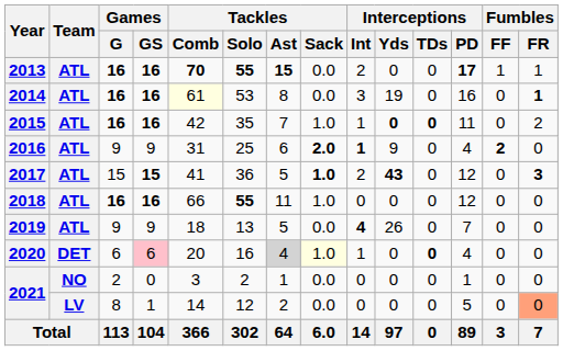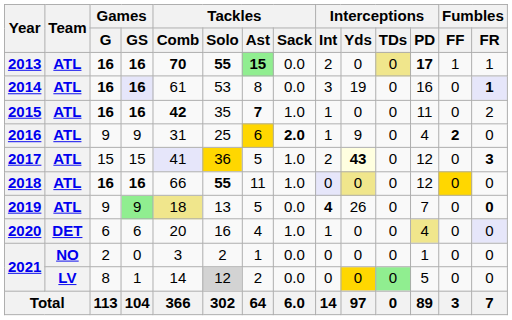 <table class="wikitable" style="text-align: center;">
 <tr>
 <th rowspan="2">Year</th>
 <th rowspan="2">Team</th>
 <th colspan="2">Games</th>
 <th colspan="4">Tackles</th>
 <th colspan="4">Interceptions</th>
 <th colspan="2">Fumbles</th>
 </tr>
 <tr>
 <th>G</th>
 <th>GS</th>
 <th>Comb</th>
 <th>Solo</th>
 <th>Ast</th>
 <th>Sack</th>
 <th>Int</th>
 <th>Yds</th>
 <th>TDs</th>
 <th>PD</th>
 <th>FF</th>
 <th>FR</th>
 </tr>
 <tr>
 <th><a href='#'>2013</a></th>
 <th><a href='#'>ATL</a></th>
 <td><strong>16</strong></td>
 <td><strong>16</strong></td>
 <td><strong>70</strong></td>
 <td><strong>55</strong></td>
-<td><strong>15</strong></td>
+<td style="background: lightgreen;"><strong>15</strong></td>
 <td>0.0</td>
 <td>2</td>
 <td>0</td>
-<td>0</td>
+<td style="background: khaki;">0</td>
 <td><strong>17</strong></td>
 <td>1</td>
 <td>1</td>
 </tr>
 <tr>
 <th><a href='#'>2014</a></th>
 <th><a href='#'>ATL</a></th>
 <td><strong>16</strong></td>
-<td><strong>16</strong></td>
-<td style="background: lightyellow;">61</td>
+<td style="background: lavender;"><strong>16</strong></td>
+<td>61</td>
 <td>53</td>
 <td>8</td>
 <td>0.0</td>
 <td>3</td>
 <td>19</td>
 <td>0</td>
 <td>16</td>
 <td>0</td>
-<td><strong>1</strong></td>
+<td style="background: lavender;"><strong>1</strong></td>
 </tr>
 <tr>
 <th><a href='#'>2015</a></th>
 <th><a href='#'>ATL</a></th>
 <td><strong>16</strong></td>
 <td><strong>16</strong></td>
-<td>42</td>
+<td><strong>42</strong></td>
 <td>35</td>
-<td>7</td>
+<td><strong>7</strong></td>
 <td>1.0</td>
 <td>1</td>
-<td><strong>0</strong></td>
-<td><strong>0</strong></td>
+<td>0</td>
+<td>0</td>
 <td>11</td>
 <td>0</td>
 <td>2</td>
 </tr>
 <tr>
 <th><a href='#'>2016</a></th>
 <th><a href='#'>ATL</a></th>
 <td>9</td>
 <td>9</td>
 <td>31</td>
 <td>25</td>
-<td>6</td>
+<td style="background: gold;">6</td>
 <td><strong>2.0</strong></td>
-<td><strong>1</strong></td>
+<td>1</td>
 <td>9</td>
 <td>0</td>
 <td>4</td>
 <td><strong>2</strong></td>
 <td>0</td>
 </tr>
 <tr>
 <th><a href='#'>2017</a></th>
 <th><a href='#'>ATL</a></th>
 <td>15</td>
-<td><strong>15</strong></td>
-<td>41</td>
-<td>36</td>
+<td>15</td>
+<td style="background: lavender;">41</td>
+<td style="background: gold;">36</td>
 <td>5</td>
-<td><strong>1.0</strong></td>
+<td>1.0</td>
 <td>2</td>
-<td><strong>43</strong></td>
+<td style="background: lightyellow;"><strong>43</strong></td>
 <td>0</td>
 <td>12</td>
 <td>0</td>
 <td><strong>3</strong></td>
 </tr>
 <tr>
 <th><a href='#'>2018</a></th>
 <th><a href='#'>ATL</a></th>
 <td><strong>16</strong></td>
 <td><strong>16</strong></td>
 <td>66</td>
 <td><strong>55</strong></td>
 <td>11</td>
 <td>1.0</td>
-<td>0</td>
-<td>0</td>
+<td style="background: lavender;">0</td>
+<td style="background: khaki;">0</td>
 <td>0</td>
 <td>12</td>
-<td>0</td>
+<td style="background: gold;">0</td>
 <td>0</td>
 </tr>
 <tr>
 <th><a href='#'>2019</a></th>
 <th><a href='#'>ATL</a></th>
 <td>9</td>
-<td>9</td>
-<td>18</td>
+<td style="background: lightgreen;">9</td>
+<td style="background: khaki;">18</td>
 <td>13</td>
 <td>5</td>
 <td>0.0</td>
 <td><strong>4</strong></td>
 <td>26</td>
 <td>0</td>
 <td>7</td>
 <td>0</td>
-<td>0</td>
+<td><strong>0</strong></td>
 </tr>
 <tr>
 <th><a href='#'>2020</a></th>
 <th><a href='#'>DET</a></th>
 <td>6</td>
-<td style="background: pink;">6</td>
+<td>6</td>
 <td>20</td>
 <td>16</td>
-<td style="background: lightgrey;">4</td>
-<td style="background: lightyellow;">1.0</td>
+<td>4</td>
+<td>1.0</td>
 <td>1</td>
 <td>0</td>
-<td><strong>0</strong></td>
-<td>4</td>
 <td>0</td>
+<td style="background: khaki;">4</td>
 <td>0</td>
+<td style="background: lavender;">0</td>
 </tr>
 <tr>
 <th rowspan="2"><a href='#'>2021</a></th>
 <th><a href='#'>NO</a></th>
 <td>2</td>
 <td>0</td>
 <td>3</td>
 <td>2</td>
 <td>1</td>
 <td>0.0</td>
 <td>0</td>
 <td>0</td>
 <td>0</td>
 <td>1</td>
 <td>0</td>
 <td>0</td>
 </tr>
 <tr>
 <th><a href='#'>LV</a></th>
 <td>8</td>
 <td>1</td>
 <td>14</td>
-<td>12</td>
+<td style="background: lightgrey;">12</td>
 <td>2</td>
 <td>0.0</td>
 <td>0</td>
+<td style="background: gold;">0</td>
+<td style="background: lightgreen;">0</td>
+<td>5</td>
 <td>0</td>
 <td>0</td>
-<td>5</td>
-<td>0</td>
-<td style="background: lightsalmon;">0</td>
 </tr>
 <tr>
 <th colspan="2">Total</th>
 <th>113</th>
 <th>104</th>
 <th>366</th>
 <th>302</th>
 <th>64</th>
 <th>6.0</th>
 <th>14</th>
 <th>97</th>
 <th>0</th>
 <th>89</th>
 <th>3</th>
 <th>7</th>
 </tr>
 </table>
